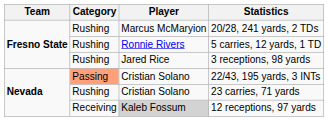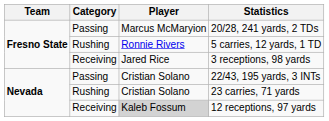 <table class="wikitable" style="float: left;">
 <tr>
 <th>Team</th>
 <th>Category</th>
 <th>Player</th>
 <th>Statistics</th>
 </tr>
 <tr>
 <td rowspan=3><strong>Fresno State</strong></td>
-<td>Rushing</td>
+<td>Passing</td>
 <td>Marcus McMaryion</td>
 <td>20/28, 241 yards, 2 TDs</td>
 </tr>
 <tr>
 <td>Rushing</td>
 <td><a href='#'>Ronnie Rivers</a></td>
 <td>5 carries, 12 yards, 1 TD</td>
 </tr>
 <tr>
-<td>Rushing</td>
+<td>Receiving</td>
 <td>Jared Rice</td>
 <td>3 receptions, 98 yards</td>
 </tr>
 <tr>
 <td rowspan=3><strong>Nevada</strong></td>
-<td style="background: lightsalmon;">Passing</td>
+<td>Passing</td>
 <td>Cristian Solano</td>
 <td>22/43, 195 yards, 3 INTs</td>
 </tr>
 <tr>
 <td>Rushing</td>
 <td>Cristian Solano</td>
 <td>23 carries, 71 yards</td>
 </tr>
 <tr>
 <td>Receiving</td>
 <td style="background: lightgrey;">Kaleb Fossum</td>
 <td>12 receptions, 97 yards</td>
 </tr>
 </table>
